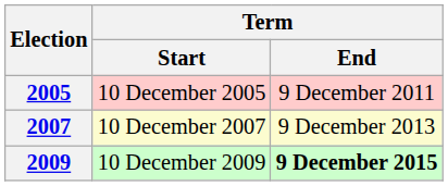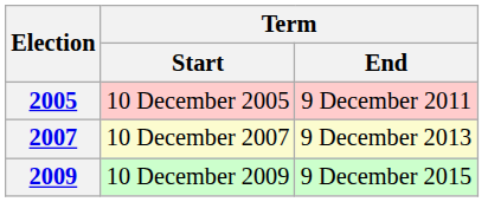 <table class="wikitable" style="text-align:center">
 <tr>
 <th rowspan="2">Election</th>
 <th colspan="2">Term</th>
 </tr>
 <tr>
 <th>Start</th>
 <th>End</th>
 </tr>
 <tr>
 <th><a href='#'>2005</a></th>
 <td bgcolor="#fcc">10 December 2005</td>
 <td bgcolor="#fcc">9 December 2011</td>
 </tr>
 <tr>
 <th><a href='#'>2007</a></th>
 <td bgcolor="#fcfccf">10 December 2007</td>
 <td bgcolor="#fcfccf">9 December 2013</td>
 </tr>
 <tr>
 <th><a href='#'>2009</a></th>
 <td bgcolor="#cfc">10 December 2009</td>
-<td bgcolor="#cfc"><strong>9 December 2015</strong></td>
+<td bgcolor="#cfc">9 December 2015</td>
 </tr>
 </table>
